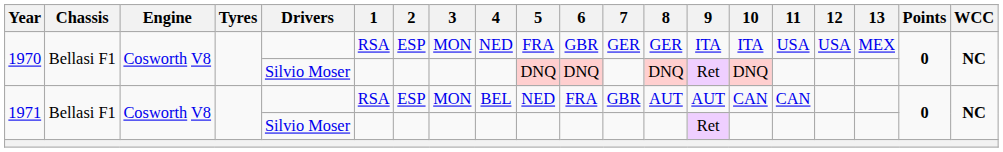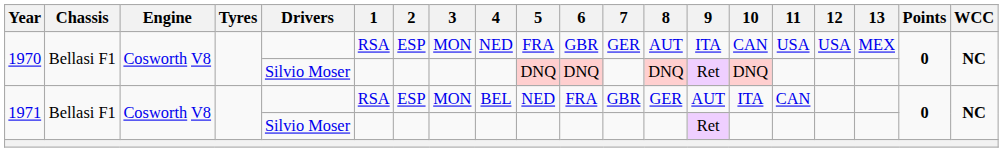 <table class="wikitable" style="text-align:center; font-size:95%">
 <tr>
 <th>Year</th>
 <th>Chassis</th>
 <th>Engine</th>
 <th>Tyres</th>
 <th>Drivers</th>
 <th>1</th>
 <th>2</th>
 <th>3</th>
 <th>4</th>
 <th>5</th>
 <th>6</th>
 <th>7</th>
 <th>8</th>
 <th>9</th>
 <th>10</th>
 <th>11</th>
 <th>12</th>
 <th>13</th>
 <th>Points</th>
 <th>WCC</th>
 </tr>
 <tr>
 <td rowspan="2"><a href='#'>1970</a></td>
 <td rowspan="2">Bellasi F1</td>
 <td rowspan="2"><a href='#'>Cosworth</a> <a href='#'>V8</a></td>
 <td rowspan="2"></td>
 <td></td>
 <td><a href='#'>RSA</a></td>
 <td><a href='#'>ESP</a></td>
 <td><a href='#'>MON</a></td>
 <td><a href='#'>NED</a></td>
 <td><a href='#'>FRA</a></td>
 <td><a href='#'>GBR</a></td>
 <td><a href='#'>GER</a></td>
-<td><a href='#'>GER</a></td>
+<td><a href='#'>AUT</a></td>
 <td><a href='#'>ITA</a></td>
-<td><a href='#'>ITA</a></td>
+<td><a href='#'>CAN</a></td>
 <td><a href='#'>USA</a></td>
 <td><a href='#'>USA</a></td>
 <td><a href='#'>MEX</a></td>
 <td rowspan="2"><strong>0</strong></td>
 <td rowspan="2"><strong>NC</strong></td>
 </tr>
 <tr>
 <td align="left"> <a href='#'>Silvio Moser</a></td>
 <td></td>
 <td></td>
 <td></td>
 <td></td>
 <td style="background:#FFCFCF;">DNQ</td>
 <td style="background:#FFCFCF;">DNQ</td>
 <td></td>
 <td style="background:#FFCFCF;">DNQ</td>
 <td style="background:#EFCFFF;">Ret</td>
 <td style="background:#FFCFCF;">DNQ</td>
 <td></td>
 <td></td>
 <td></td>
 </tr>
 <tr>
 <td rowspan="2"><a href='#'>1971</a></td>
 <td rowspan="2">Bellasi F1</td>
 <td rowspan="2"><a href='#'>Cosworth</a> <a href='#'>V8</a></td>
 <td rowspan="2"></td>
 <td></td>
 <td><a href='#'>RSA</a></td>
 <td><a href='#'>ESP</a></td>
 <td><a href='#'>MON</a></td>
 <td><a href='#'>BEL</a></td>
 <td><a href='#'>NED</a></td>
 <td><a href='#'>FRA</a></td>
 <td><a href='#'>GBR</a></td>
+<td><a href='#'>GER</a></td>
 <td><a href='#'>AUT</a></td>
-<td><a href='#'>AUT</a></td>
-<td><a href='#'>CAN</a></td>
+<td><a href='#'>ITA</a></td>
 <td><a href='#'>CAN</a></td>
 <td></td>
 <td></td>
 <td rowspan="2"><strong>0</strong></td>
 <td rowspan="2"><strong>NC</strong></td>
 </tr>
 <tr>
 <td align="left"> <a href='#'>Silvio Moser</a></td>
 <td></td>
 <td></td>
 <td></td>
 <td></td>
 <td></td>
 <td></td>
 <td></td>
 <td></td>
 <td style="background:#EFCFFF;">Ret</td>
 <td></td>
 <td></td>
 <td></td>
 <td></td>
 </tr>
 <tr>
 <th colspan="20"></th>
 </tr>
 </table>
